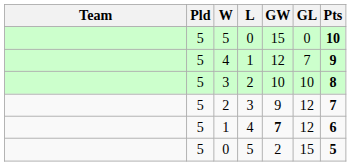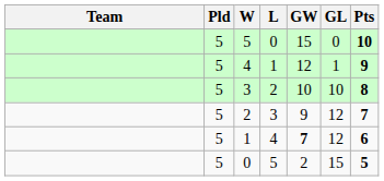 <table class="wikitable" style="text-align:center">
 <tr>
 <th width=200>Team</th>
 <th width=20>Pld</th>
 <th width=20>W</th>
 <th width=20>L</th>
 <th width=20>GW</th>
 <th width=20>GL</th>
 <th width=20>Pts</th>
 </tr>
 <tr bgcolor=ccffcc>
 <td style="text-align:left;"></td>
 <td>5</td>
 <td>5</td>
 <td>0</td>
 <td>15</td>
 <td>0</td>
 <td><strong>10</strong></td>
 </tr>
 <tr bgcolor=ccffcc>
 <td style="text-align:left;"></td>
 <td>5</td>
 <td>4</td>
 <td>1</td>
 <td>12</td>
-<td>7</td>
+<td>1</td>
 <td><strong>9</strong></td>
 </tr>
 <tr bgcolor=ccffcc>
 <td style="text-align:left;"></td>
 <td>5</td>
 <td>3</td>
 <td>2</td>
 <td>10</td>
 <td>10</td>
 <td><strong>8</strong></td>
 </tr>
 <tr>
 <td style="text-align:left;"></td>
 <td>5</td>
 <td>2</td>
 <td>3</td>
 <td>9</td>
 <td>12</td>
 <td><strong>7</strong></td>
 </tr>
 <tr>
 <td style="text-align:left;"></td>
 <td>5</td>
 <td>1</td>
 <td>4</td>
 <td><strong>7</strong></td>
 <td>12</td>
 <td><strong>6</strong></td>
 </tr>
 <tr>
 <td style="text-align:left;"></td>
 <td>5</td>
 <td>0</td>
 <td>5</td>
 <td>2</td>
 <td>15</td>
 <td><strong>5</strong></td>
 </tr>
 </table>
